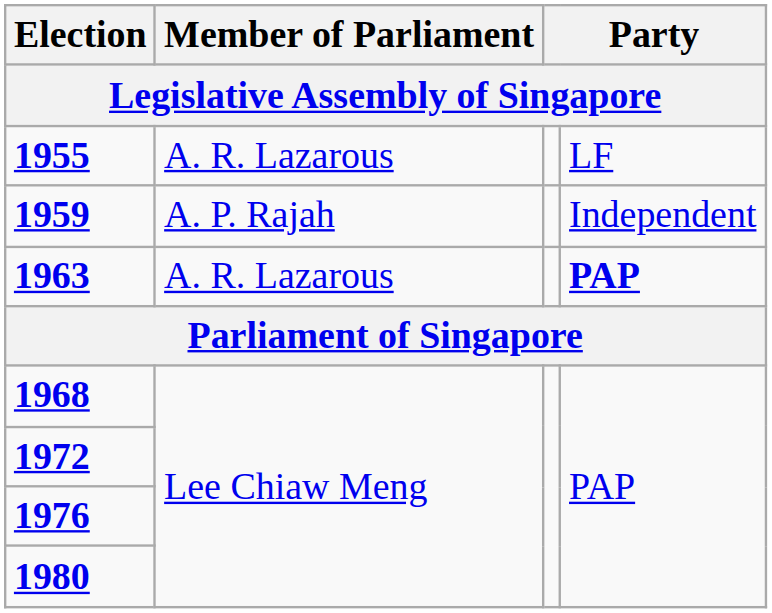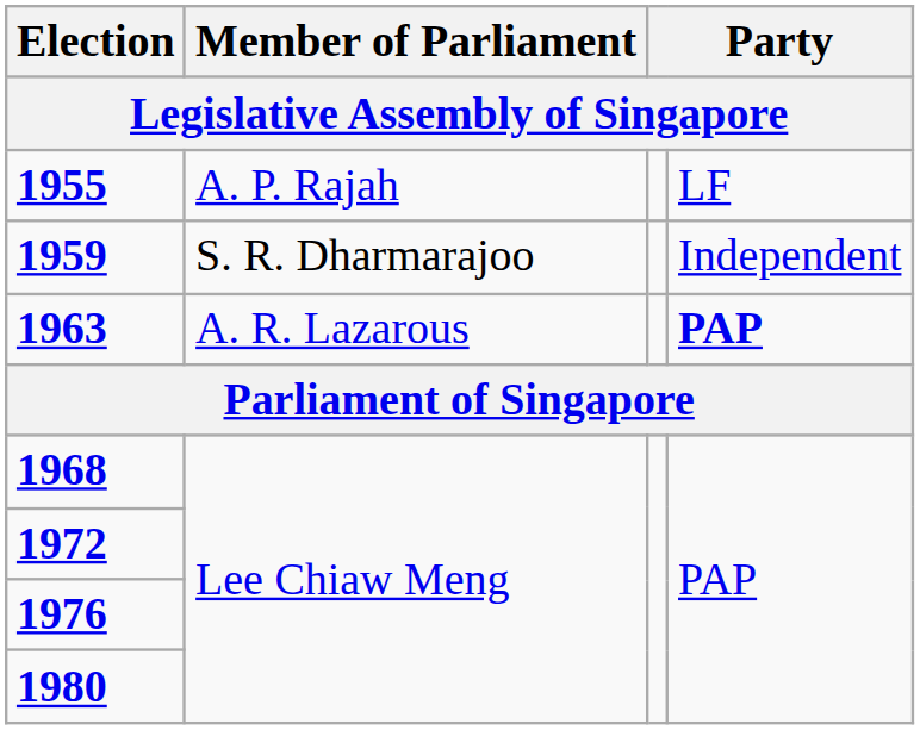 <table class="wikitable">
 <tr>
 <th>Election</th>
 <th>Member of Parliament</th>
 <th colspan="2">Party</th>
 </tr>
 <tr>
 <th colspan="4"><a href='#'>Legislative Assembly of Singapore</a></th>
 </tr>
 <tr>
 <td><a href='#'><strong>1955</strong></a></td>
-<td><a href='#'>A. R. Lazarous</a></td>
+<td><a href='#'>A. P. Rajah</a></td>
 <td></td>
 <td><a href='#'>LF</a></td>
 </tr>
 <tr>
 <td><a href='#'><strong>1959</strong></a></td>
-<td><a href='#'>A. P. Rajah</a></td>
+<td>S. R. Dharmarajoo</td>
 <td></td>
 <td><a href='#'>Independent</a></td>
 </tr>
 <tr>
 <td><a href='#'><strong>1963</strong></a></td>
 <td><a href='#'>A. R. Lazarous</a></td>
 <td></td>
 <td><strong><a href='#'>PAP</a></strong></td>
 </tr>
 <tr>
 <th colspan="4"><a href='#'>Parliament of Singapore</a></th>
 </tr>
 <tr>
 <td><a href='#'><strong>1968</strong></a></td>
 <td rowspan="4"><a href='#'>Lee Chiaw Meng</a></td>
 <td rowspan="4"></td>
 <td rowspan="4"><a href='#'>PAP</a></td>
 </tr>
 <tr>
 <td><a href='#'><strong>1972</strong></a></td>
 </tr>
 <tr>
 <td><a href='#'><strong>1976</strong></a></td>
 </tr>
 <tr>
 <td><a href='#'><strong>1980</strong></a></td>
 </tr>
 </table>
